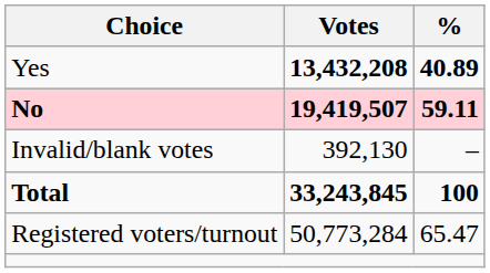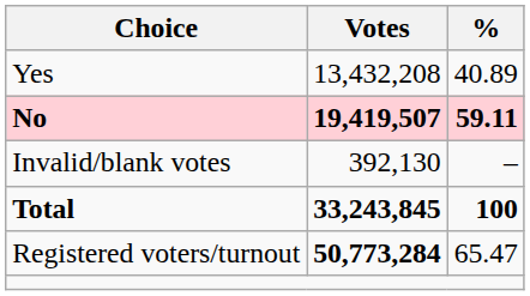 <table class=wikitable style=text-align:right>
 <tr>
 <th>Choice</th>
 <th>Votes</th>
 <th>%</th>
 </tr>
 <tr>
 <td align=left> Yes</td>
-<td><strong>13,432,208</strong></td>
-<td><strong>40.89</strong></td>
+<td>13,432,208</td>
+<td>40.89</td>
 </tr>
 <tr>
 <td align=left style="background:#FFD0D7"> <strong>No</strong></td>
 <td style="background:#FFD0D7"><strong>19,419,507</strong></td>
 <td style="background:#FFD0D7"><strong>59.11</strong></td>
 </tr>
 <tr>
 <td align=left>Invalid/blank votes</td>
 <td>392,130</td>
 <td>–</td>
 </tr>
 <tr>
 <td align=left><strong>Total</strong></td>
 <td><strong>33,243,845</strong></td>
 <td><strong>100</strong></td>
 </tr>
 <tr>
 <td align=left>Registered voters/turnout</td>
-<td>50,773,284</td>
+<td><strong>50,773,284</strong></td>
 <td>65.47</td>
 </tr>
 <tr>
 <td align=left colspan=5> </td>
 </tr>
 </table>
